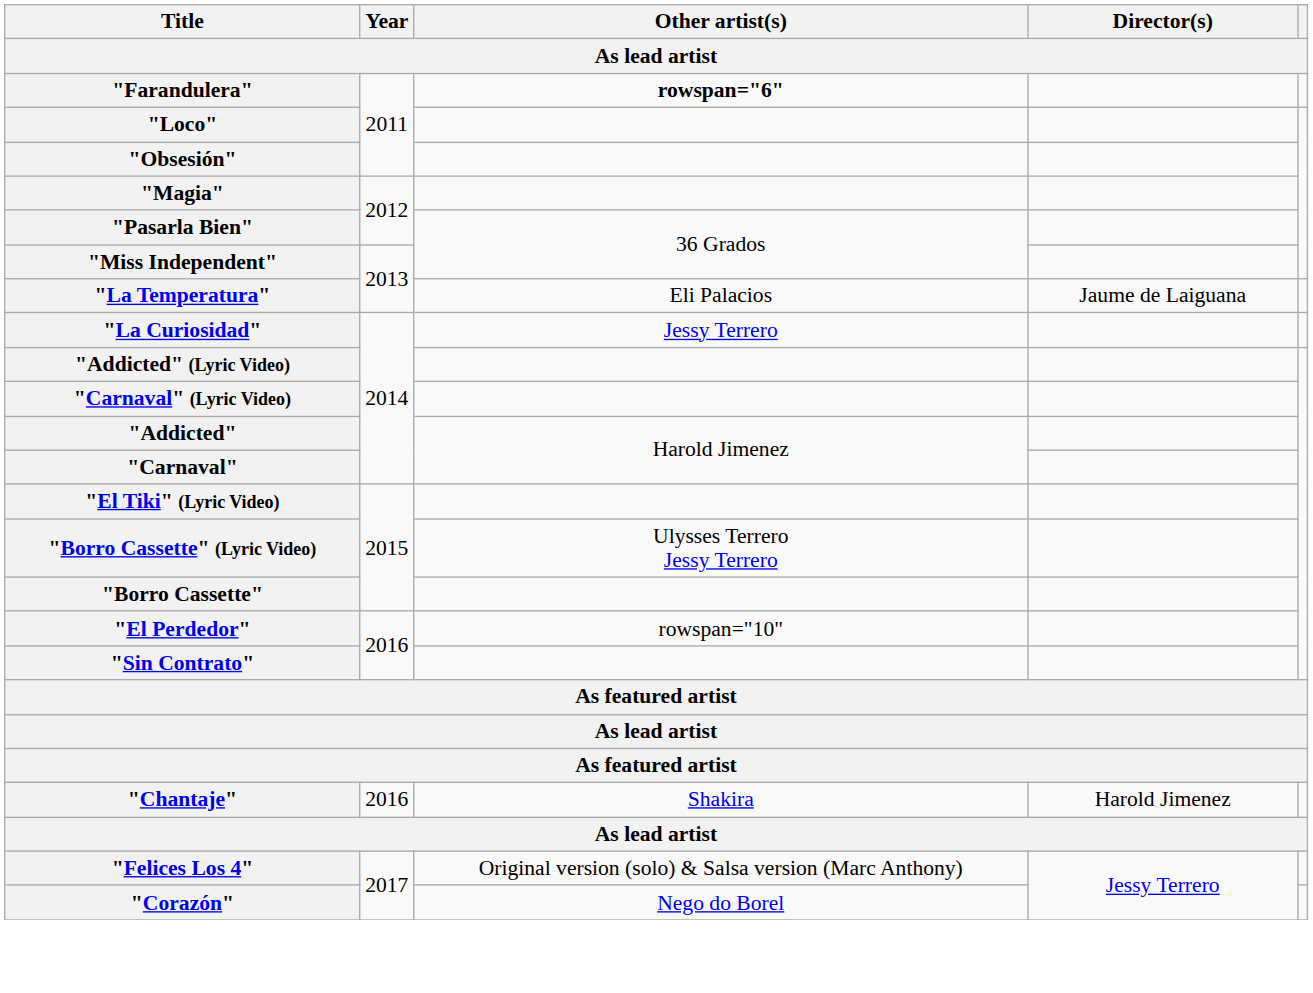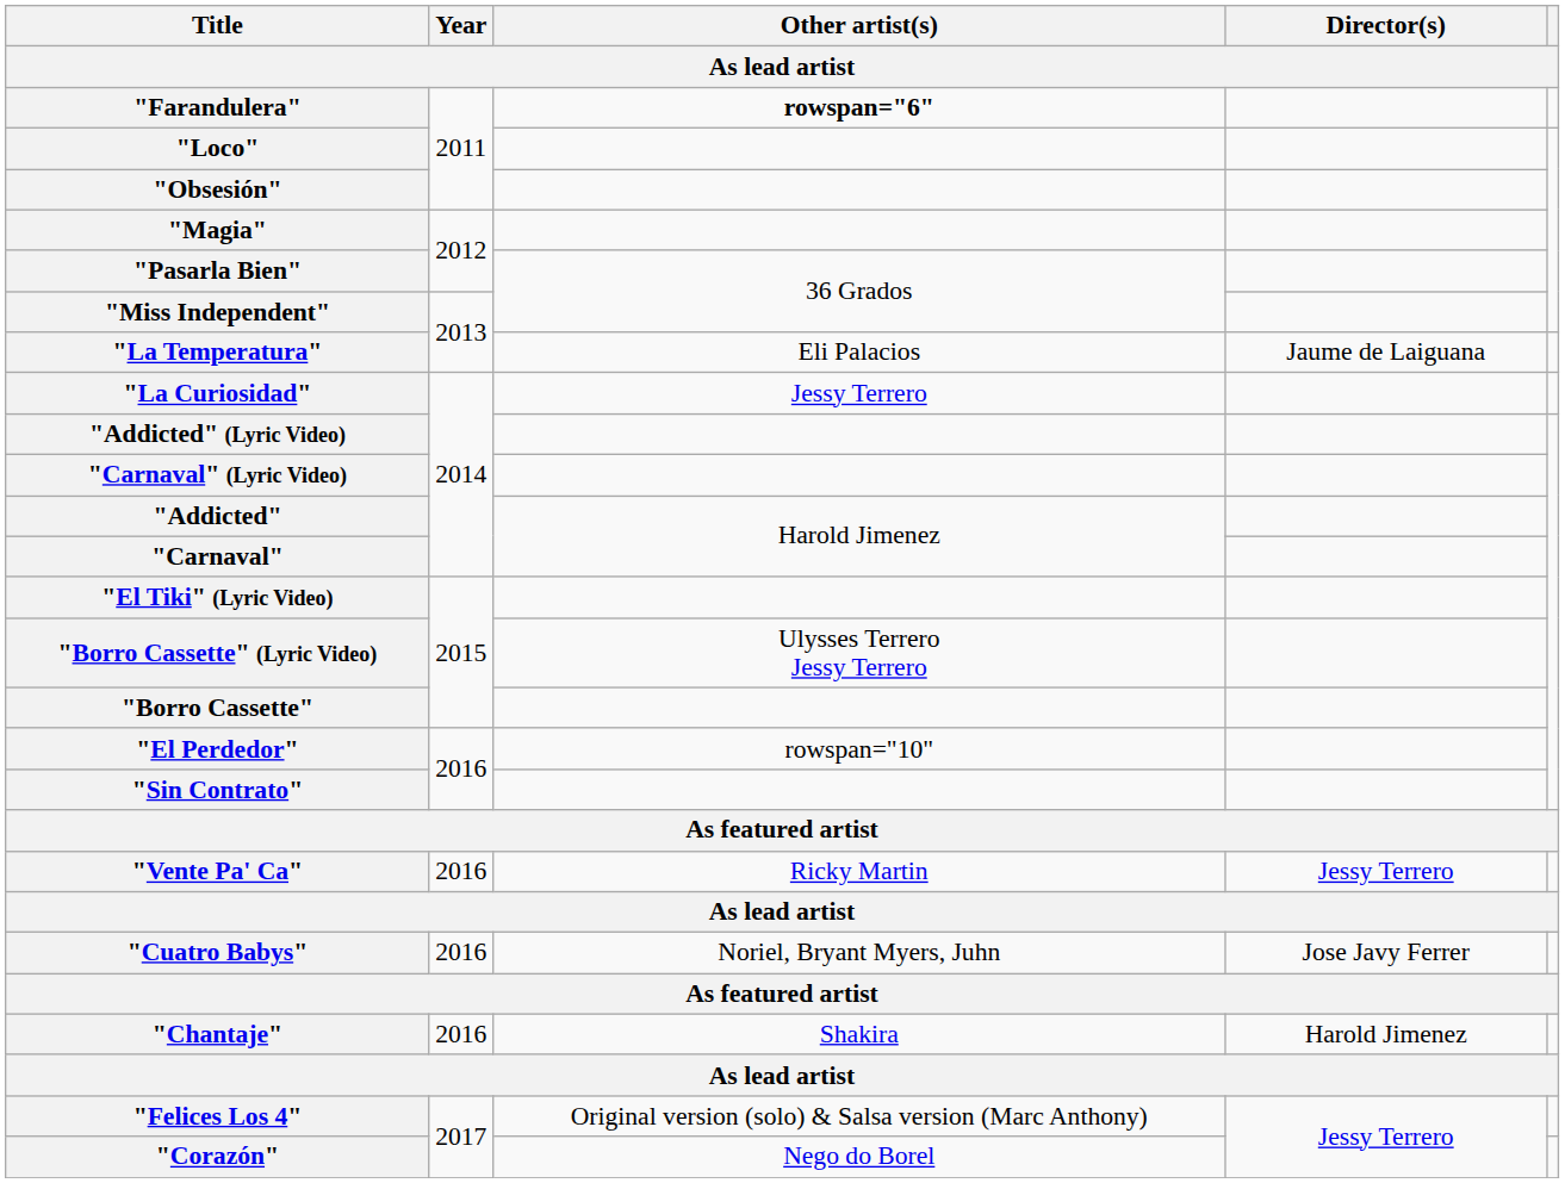 <table class="wikitable plainrowheaders" style="text-align:center;">
 <tr>
 <th scope="col" style="width:16em;">Title</th>
 <th scope="col">Year</th>
 <th scope="col" style="width:28em;">Other artist(s)</th>
 <th scope="col" style="width:12em;">Director(s)</th>
 <th scope="col"></th>
 </tr>
 <tr>
 <th scope="col" colspan="5">As lead artist</th>
 </tr>
 <tr>
 <th scope="row">"Farandulera"</th>
 <td rowspan="3">2011</td>
 <td><strong>rowspan="6" </strong></td>
 <td></td>
 <td></td>
 </tr>
 <tr>
 <th scope="row">"Loco"</th>
 <td></td>
 <td></td>
 </tr>
 <tr>
 <th scope="row">"Obsesión"</th>
 <td></td>
 <td></td>
 </tr>
 <tr>
 <th scope="row">"Magia"</th>
 <td rowspan="2">2012</td>
 <td></td>
 <td></td>
 </tr>
 <tr>
 <th scope="row">"Pasarla Bien"</th>
 <td rowspan="2">36 Grados</td>
 <td></td>
 </tr>
 <tr>
 <th scope="row">"Miss Independent"</th>
 <td rowspan="2">2013</td>
 <td></td>
 </tr>
 <tr>
 <th scope="row">"<a href='#'>La Temperatura</a>"</th>
 <td>Eli Palacios</td>
 <td>Jaume de Laiguana</td>
 <td></td>
 </tr>
 <tr>
 <th scope="row">"<a href='#'>La Curiosidad</a>"</th>
 <td rowspan="5">2014</td>
 <td rowspan="1"><a href='#'>Jessy Terrero</a></td>
 <td></td>
 <td></td>
 </tr>
 <tr>
 <th scope="row">"Addicted" <small>(Lyric Video)</small></th>
 <td></td>
 <td></td>
 </tr>
 <tr>
 <th scope="row">"<a href='#'>Carnaval</a>" <small>(Lyric Video)</small></th>
 <td></td>
 <td></td>
 </tr>
 <tr>
 <th scope="row">"Addicted"</th>
 <td rowspan="2">Harold Jimenez</td>
 <td></td>
 </tr>
 <tr>
 <th scope="row">"Carnaval"</th>
 <td></td>
 </tr>
 <tr>
 <th scope="row">"<a href='#'>El Tiki</a>" <small>(Lyric Video)</small></th>
 <td rowspan="3">2015</td>
 <td></td>
 <td></td>
 </tr>
 <tr>
 <th scope="row">"<a href='#'>Borro Cassette</a>" <small>(Lyric Video)</small></th>
 <td>Ulysses Terrero<br><a href='#'>Jessy Terrero</a></td>
 <td></td>
 </tr>
 <tr>
 <th scope="row">"Borro Cassette"</th>
 <td></td>
 <td></td>
 </tr>
 <tr>
 <th scope="row">"<a href='#'>El Perdedor</a>"</th>
 <td rowspan="2">2016</td>
 <td>rowspan="10" </td>
 <td></td>
 </tr>
 <tr>
 <th scope="row">"<a href='#'>Sin Contrato</a>"</th>
 <td></td>
 <td></td>
 </tr>
 <tr>
 <th scope="col" colspan="5">As featured artist</th>
 </tr>
 <tr>
+<th scope="row">"<a href='#'>Vente Pa' Ca</a>"</th>
+<td>2016</td>
+<td><a href='#'>Ricky Martin</a></td>
+<td><a href='#'>Jessy Terrero</a></td>
+<td></td>
+</tr>
+<tr>
 <th scope="col" colspan="5">As lead artist</th>
+</tr>
+<tr>
+<th scope="row">"<a href='#'>Cuatro Babys</a>"</th>
+<td>2016</td>
+<td>Noriel, Bryant Myers, Juhn</td>
+<td>Jose Javy Ferrer</td>
+<td></td>
 </tr>
 <tr>
 <th scope="col" colspan="5">As featured artist</th>
 </tr>
 <tr>
 <th scope="row">"<a href='#'>Chantaje</a>"</th>
 <td>2016</td>
 <td><a href='#'>Shakira</a></td>
 <td>Harold Jimenez</td>
 <td></td>
 </tr>
 <tr>
 <th scope="col" colspan="5">As lead artist</th>
 </tr>
 <tr>
 <th scope="row">"<a href='#'>Felices Los 4</a>"</th>
 <td rowspan="2">2017</td>
 <td>Original version (solo) & Salsa version (Marc Anthony)</td>
 <td rowspan="2"><a href='#'>Jessy Terrero</a></td>
 <td></td>
 </tr>
 <tr>
 <th scope="row">"<a href='#'>Corazón</a>"</th>
 <td><a href='#'>Nego do Borel</a></td>
 <td></td>
 </tr>
 </table>
